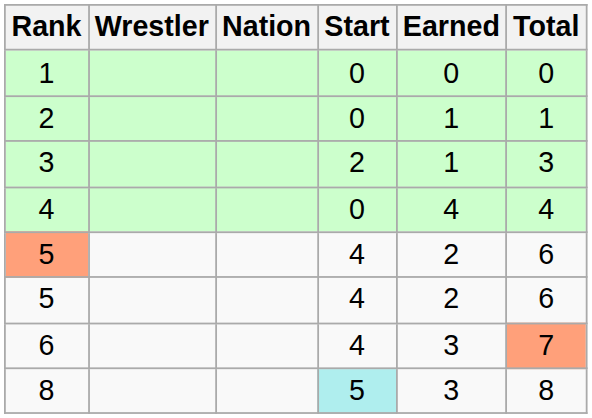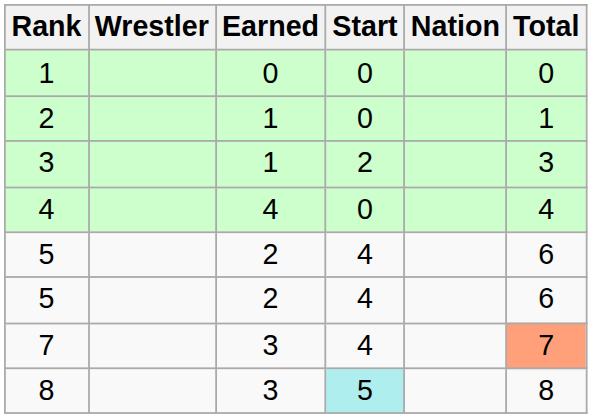 <table class="wikitable sortable" style="text-align:center;">
 <tr>
 <th>Rank</th>
 <th>Wrestler</th>
+<th>Earned</th>
+<th>Start</th>
 <th>Nation</th>
-<th>Start</th>
-<th>Earned</th>
 <th>Total</th>
 </tr>
 <tr style="background:#cfc;">
 <td>1</td>
 <td align=left></td>
-<td align=left></td>
 <td>0</td>
 <td>0</td>
+<td align=left></td>
 <td>0</td>
 </tr>
 <tr style="background:#cfc;">
 <td>2</td>
 <td align=left></td>
+<td>1</td>
+<td>0</td>
 <td align=left></td>
-<td>0</td>
-<td>1</td>
 <td>1</td>
 </tr>
 <tr style="background:#cfc;">
 <td>3</td>
 <td align=left></td>
+<td>1</td>
+<td>2</td>
 <td align=left></td>
-<td>2</td>
-<td>1</td>
 <td>3</td>
 </tr>
 <tr style="background:#cfc;">
 <td>4</td>
 <td align=left></td>
+<td>4</td>
+<td>0</td>
 <td align=left></td>
-<td>0</td>
-<td>4</td>
 <td>4</td>
 </tr>
 <tr>
-<td style="background: lightsalmon;">5</td>
+<td>5</td>
 <td align=left></td>
+<td>2</td>
+<td>4</td>
 <td align=left></td>
-<td>4</td>
-<td>2</td>
 <td>6</td>
 </tr>
 <tr>
 <td>5</td>
 <td align=left></td>
+<td>2</td>
+<td>4</td>
 <td align=left></td>
-<td>4</td>
-<td>2</td>
 <td>6</td>
 </tr>
 <tr>
-<td>6</td>
+<td>7</td>
 <td align=left></td>
+<td>3</td>
+<td>4</td>
 <td align=left></td>
-<td>4</td>
-<td>3</td>
 <td style="background: lightsalmon;">7</td>
 </tr>
 <tr>
 <td>8</td>
 <td align=left></td>
+<td>3</td>
+<td style="background: paleturquoise;">5</td>
 <td align=left></td>
-<td style="background: paleturquoise;">5</td>
-<td>3</td>
 <td>8</td>
 </tr>
 </table>
